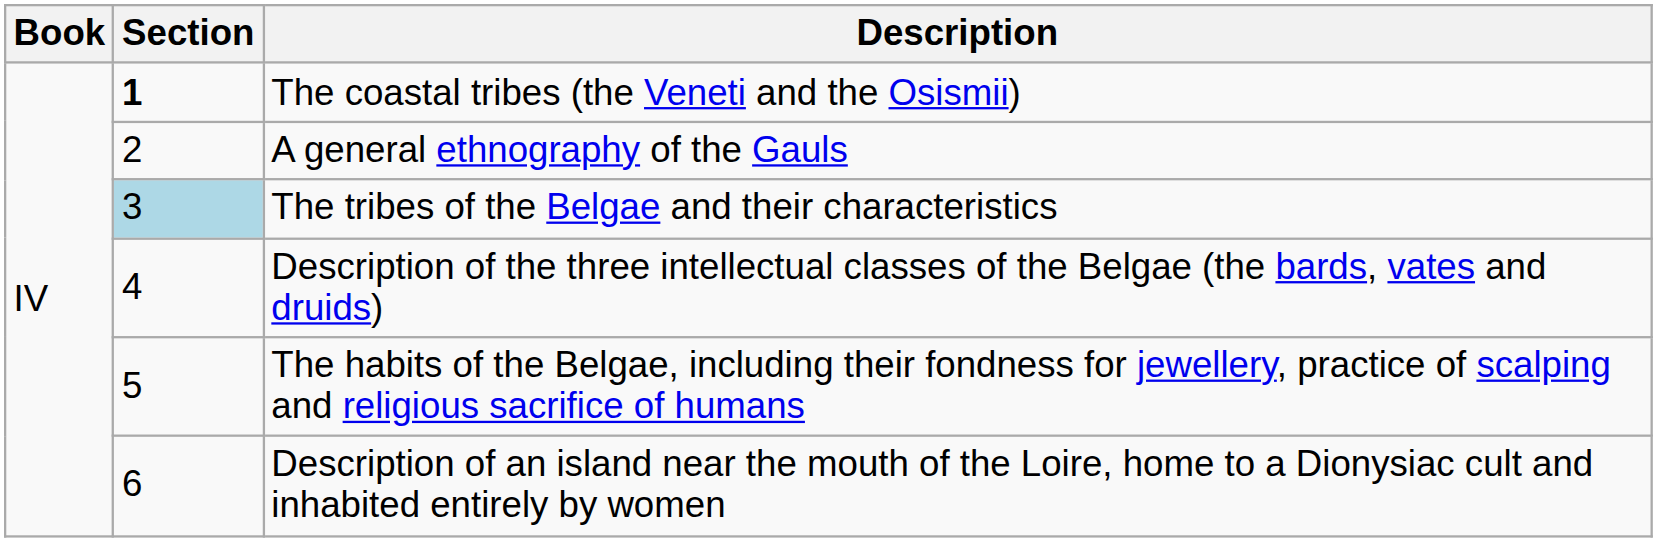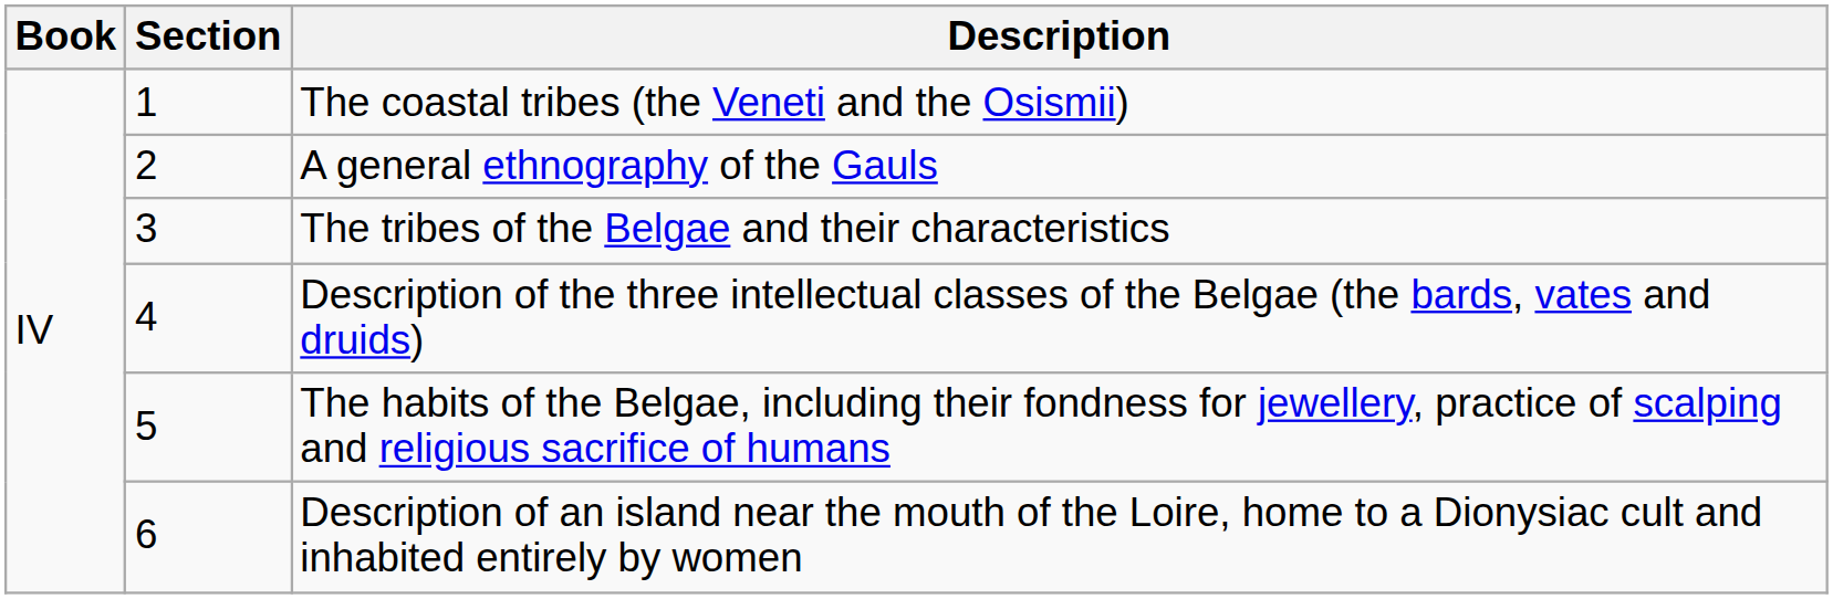 <table class="wikitable" style="max-width:45em;">
 <tr>
 <th>Book</th>
 <th>Section</th>
 <th>Description</th>
 </tr>
 <tr>
 <td rowspan="15">IV</td>
-<td><strong>1</strong></td>
+<td>1</td>
 <td>The coastal tribes (the <a href='#'>Veneti</a> and the <a href='#'>Osismii</a>)</td>
 </tr>
 <tr>
 <td>2</td>
 <td>A general <a href='#'>ethnography</a> of the <a href='#'>Gauls</a></td>
 </tr>
 <tr>
-<td style="background: lightblue;">3</td>
+<td>3</td>
 <td>The tribes of the <a href='#'>Belgae</a> and their characteristics</td>
 </tr>
 <tr>
 <td>4</td>
 <td>Description of the three intellectual classes of the Belgae (the <a href='#'>bards</a>, <a href='#'>vates</a> and <a href='#'>druids</a>)</td>
 </tr>
 <tr>
 <td>5</td>
 <td>The habits of the Belgae, including their fondness for <a href='#'>jewellery</a>, practice of <a href='#'>scalping</a> and <a href='#'>religious sacrifice of humans</a></td>
 </tr>
 <tr>
 <td>6</td>
 <td>Description of an island near the mouth of the Loire, home to a Dionysiac cult and inhabited entirely by women</td>
 </tr>
 </table>
